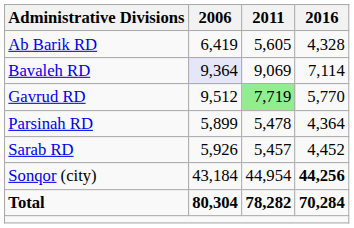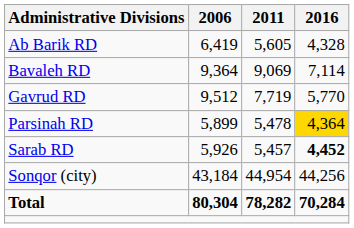 <table class="wikitable">
 <tr>
 <th>Administrative Divisions</th>
 <th>2006</th>
 <th>2011</th>
 <th>2016</th>
 </tr>
 <tr>
 <td><a href='#'>Ab Barik RD</a></td>
 <td style="text-align: right;">6,419</td>
 <td style="text-align: right;">5,605</td>
 <td style="text-align: right;">4,328</td>
 </tr>
 <tr>
 <td><a href='#'>Bavaleh RD</a></td>
-<td style="background: lavender; text-align: right;">9,364</td>
+<td style="text-align: right;">9,364</td>
 <td style="text-align: right;">9,069</td>
 <td style="text-align: right;">7,114</td>
 </tr>
 <tr>
 <td><a href='#'>Gavrud RD</a></td>
 <td style="text-align: right;">9,512</td>
-<td style="background: lightgreen; text-align: right;">7,719</td>
+<td style="text-align: right;">7,719</td>
 <td style="text-align: right;">5,770</td>
 </tr>
 <tr>
 <td><a href='#'>Parsinah RD</a></td>
 <td style="text-align: right;">5,899</td>
 <td style="text-align: right;">5,478</td>
-<td style="text-align: right;">4,364</td>
+<td style="background: gold; text-align: right;">4,364</td>
 </tr>
 <tr>
 <td><a href='#'>Sarab RD</a></td>
 <td style="text-align: right;">5,926</td>
 <td style="text-align: right;">5,457</td>
-<td style="text-align: right;">4,452</td>
+<td style="text-align: right;"><strong>4,452</strong></td>
 </tr>
 <tr>
 <td><a href='#'>Sonqor</a> (city)</td>
 <td style="text-align: right;">43,184</td>
 <td style="text-align: right;">44,954</td>
-<td style="text-align: right;"><strong>44,256</strong></td>
+<td style="text-align: right;">44,256</td>
 </tr>
 <tr>
 <td><strong>Total</strong></td>
 <td style="text-align: right;"><strong>80,304</strong></td>
 <td style="text-align: right;"><strong>78,282</strong></td>
 <td style="text-align: right;"><strong>70,284</strong></td>
 </tr>
 <tr>
 <td colspan=4></td>
 </tr>
 </table>
